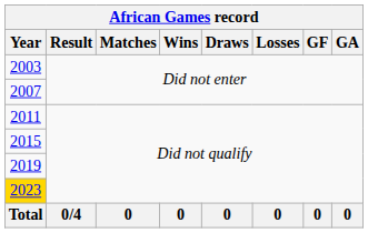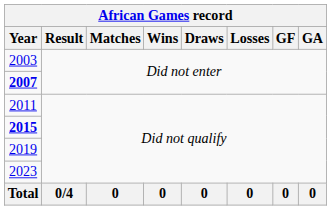 <table class="wikitable" style="text-align: center;">
 <tr>
 <th colspan=8><a href='#'>African Games</a> record</th>
 </tr>
 <tr>
 <th>Year</th>
 <th>Result</th>
 <th>Matches</th>
 <th>Wins</th>
 <th>Draws</th>
 <th>Losses</th>
 <th>GF</th>
 <th>GA</th>
 </tr>
 <tr>
 <td> <a href='#'>2003</a></td>
 <td rowspan=2 colspan=8><em>Did not enter</em></td>
 </tr>
 <tr>
-<td> <a href='#'>2007</a></td>
+<td><strong> <a href='#'>2007</a></strong></td>
 </tr>
 <tr>
 <td> <a href='#'>2011</a></td>
 <td colspan=8 rowspan=4><em>Did not qualify</em></td>
 </tr>
 <tr>
-<td> <a href='#'>2015</a></td>
+<td><strong> <a href='#'>2015</a></strong></td>
 </tr>
 <tr>
 <td> <a href='#'>2019</a></td>
 </tr>
 <tr>
-<td style="background: gold;"> <a href='#'>2023</a></td>
+<td> <a href='#'>2023</a></td>
 </tr>
 <tr>
 <th>Total</th>
 <th>0/4</th>
 <th>0</th>
 <th>0</th>
 <th>0</th>
 <th>0</th>
 <th>0</th>
 <th>0</th>
 </tr>
 </table>
